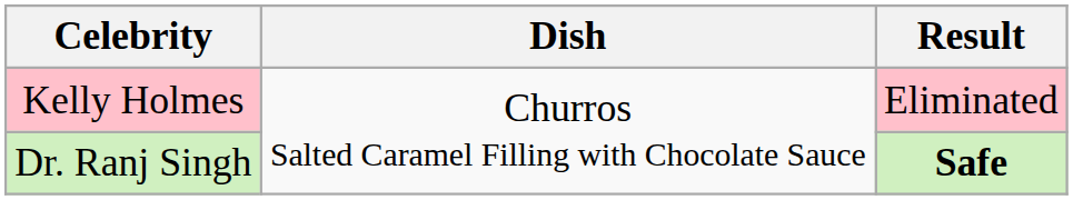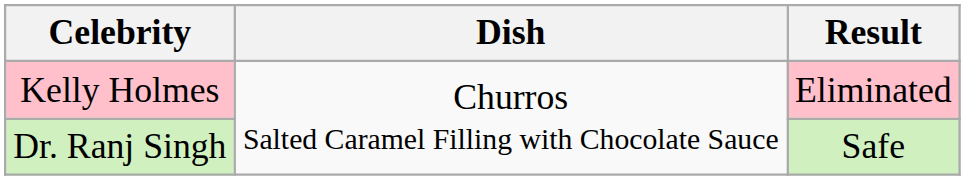 <table class="wikitable" style="text-align:center;">
 <tr>
 <th>Celebrity</th>
 <th>Dish</th>
 <th>Result</th>
 </tr>
 <tr>
 <td style="background:pink;">Kelly Holmes</td>
 <td rowspan="2">Churros<br><small>Salted Caramel Filling with Chocolate Sauce</small></td>
 <td style="background:pink;">Eliminated</td>
 </tr>
 <tr>
 <td style="background:#d0f0c0;">Dr. Ranj Singh</td>
-<td style="background:#d0f0c0;"><strong>Safe</strong></td>
+<td style="background:#d0f0c0;">Safe</td>
 </tr>
 </table>
